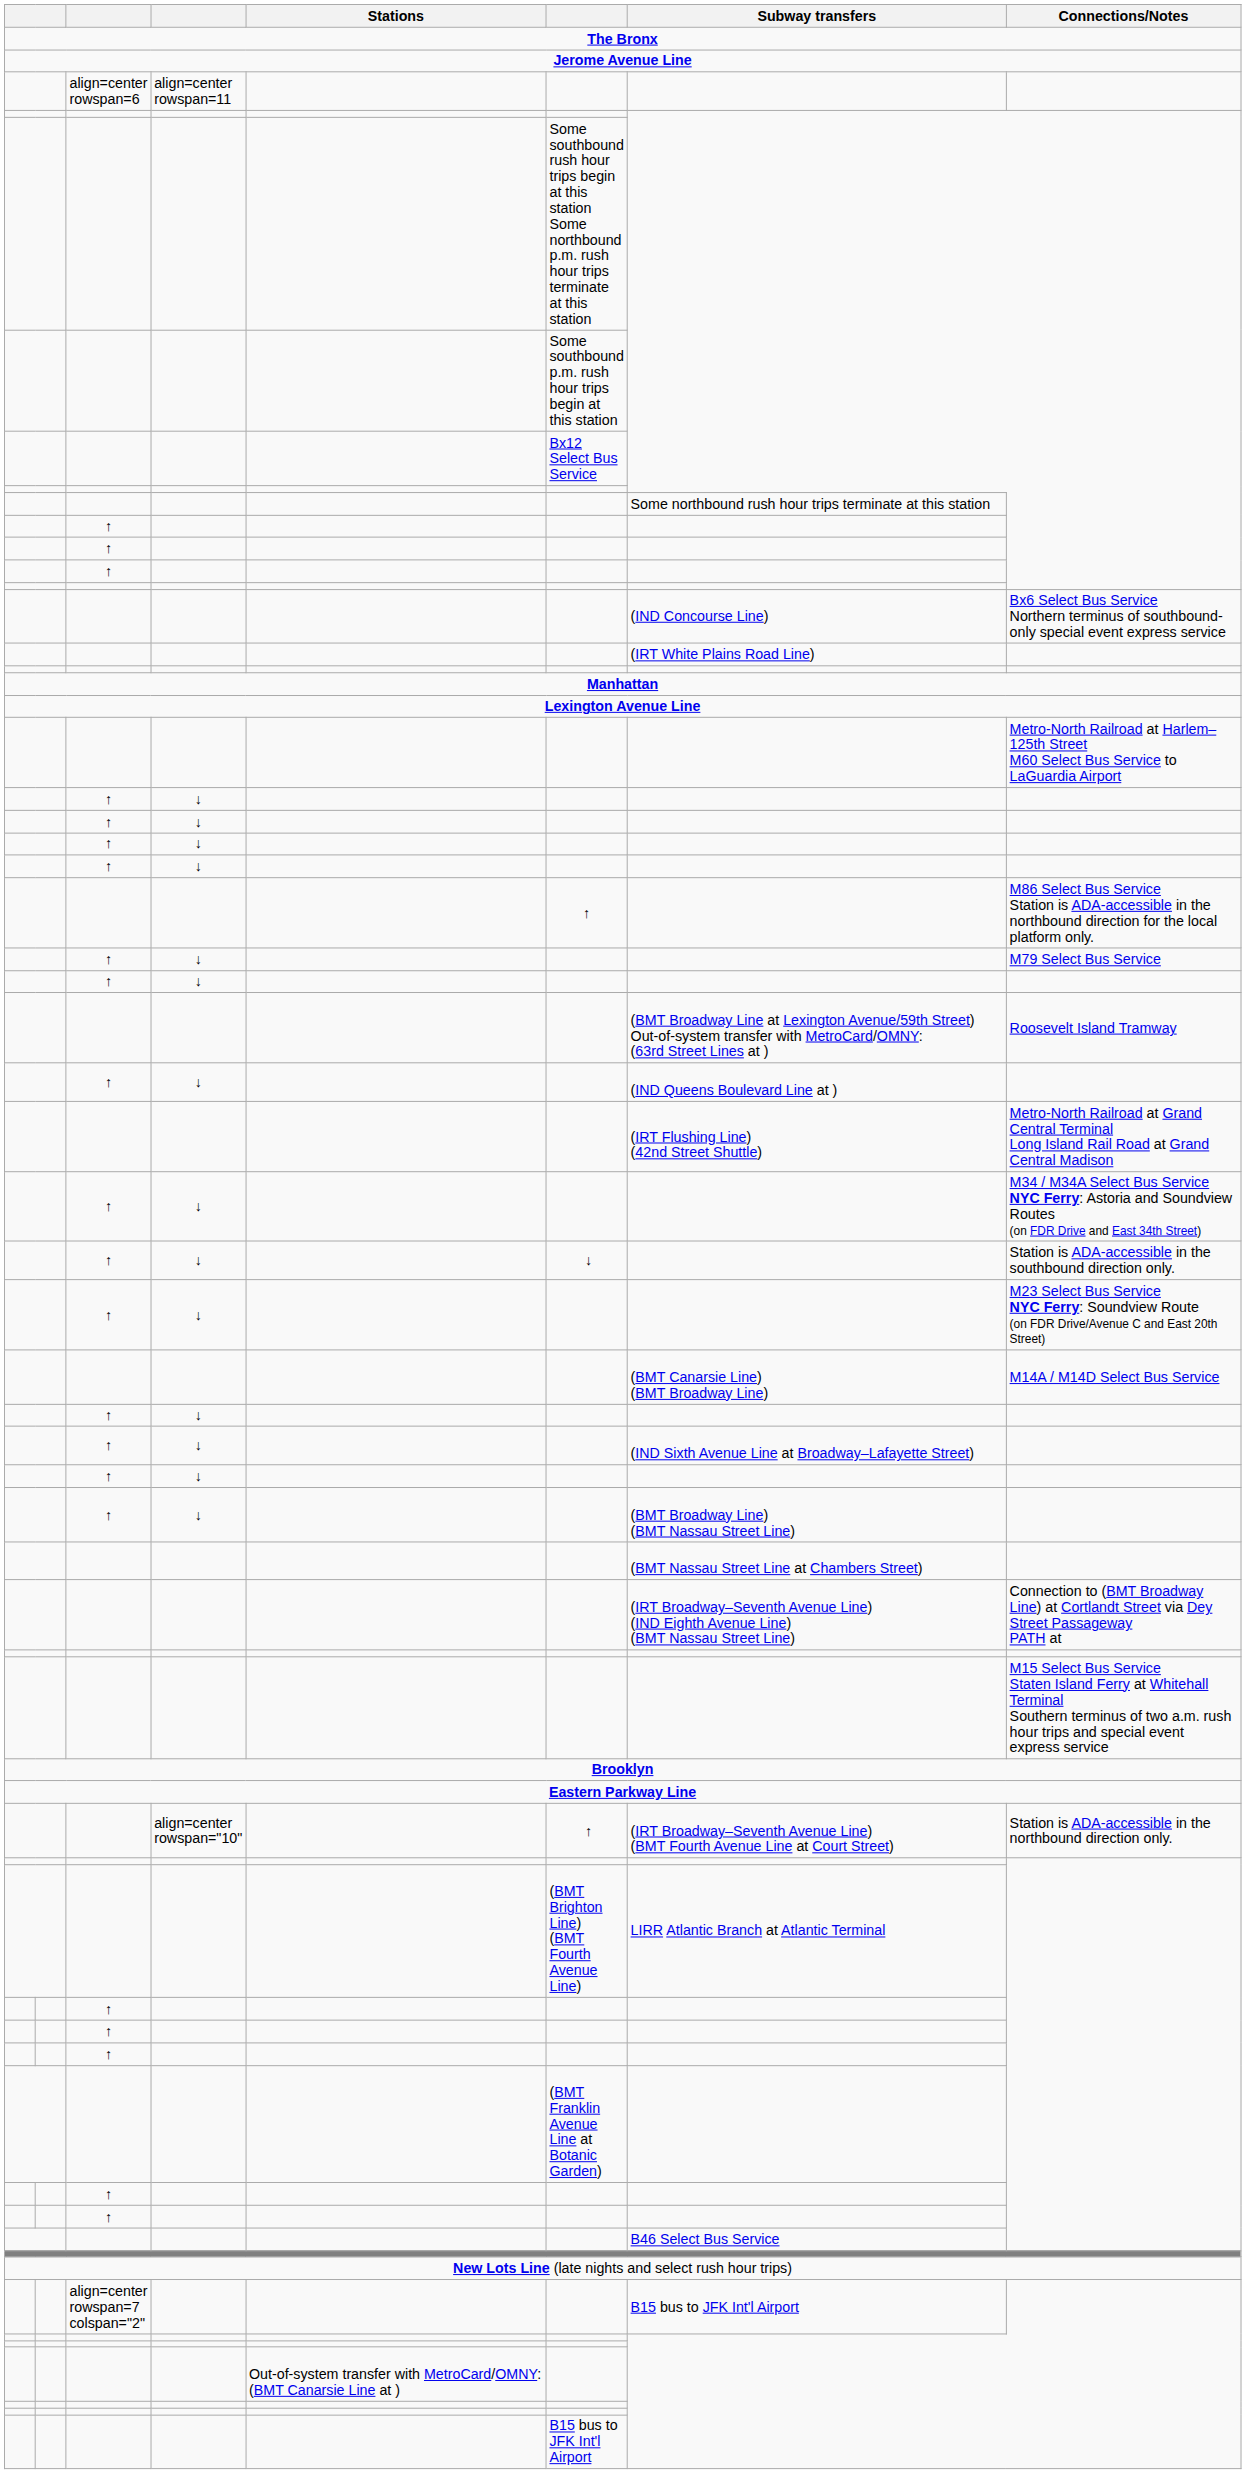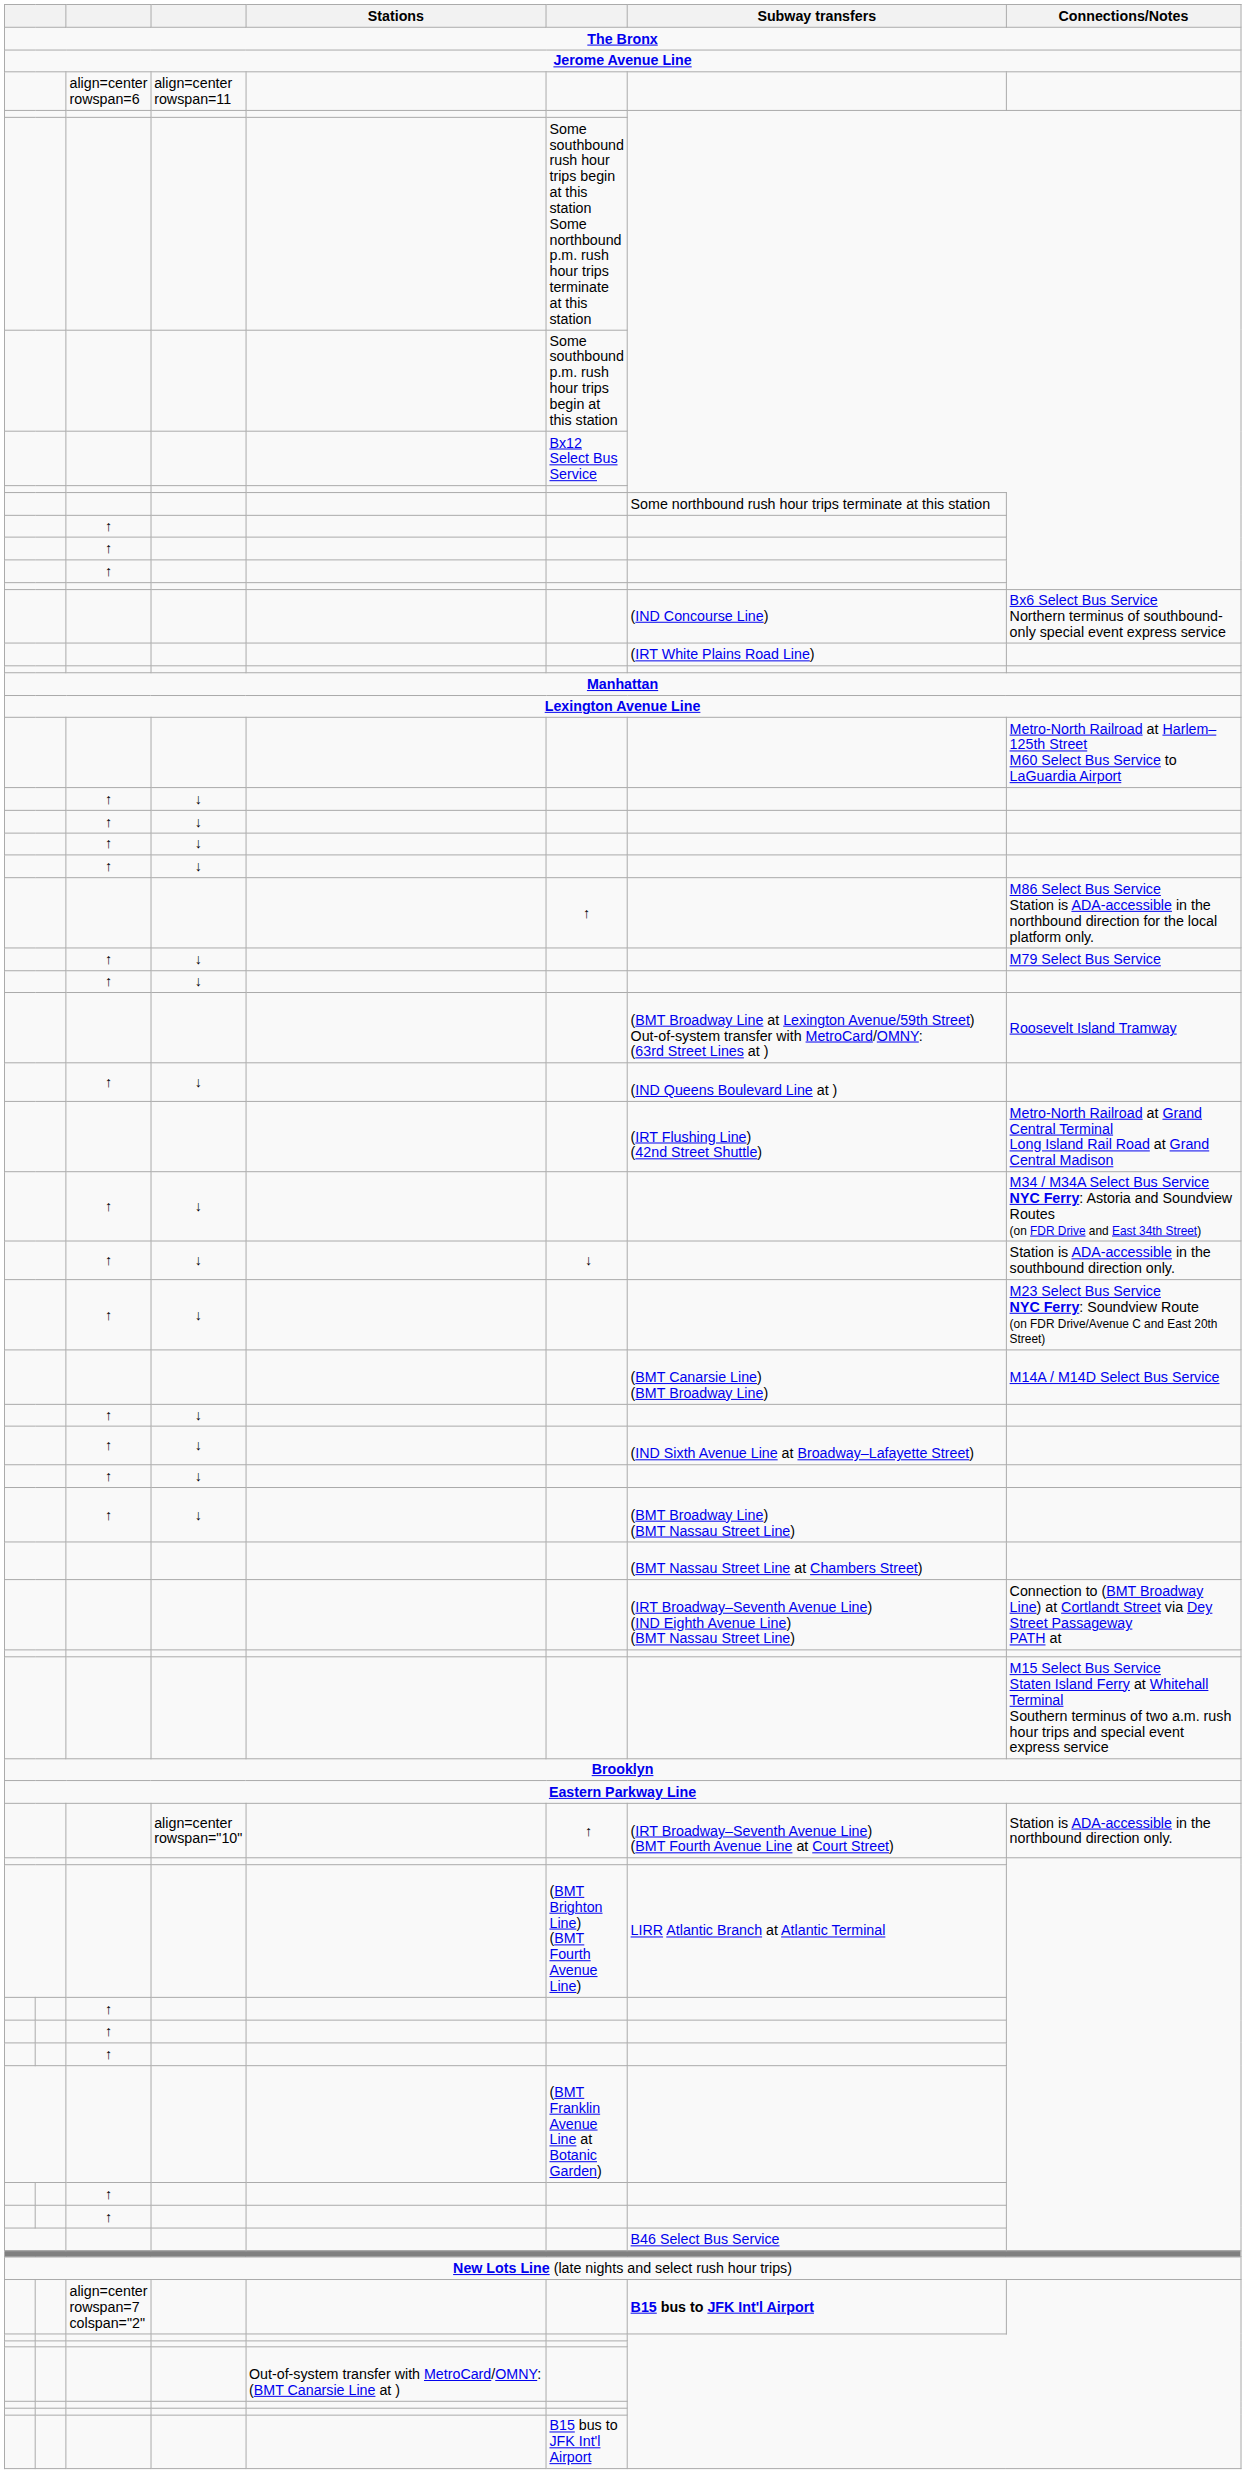 <table class="wikitable collapsible" style="font-size:90%" summary="Service information for the 4 train and its stations, including service times, ADA-accessibility, subway transfers, and non-subway connections.">
 <tr>
 <th width=6% colspan=2><br></th>
 <th width=3%><br></th>
 <th width=3%><br></th>
 <th width=28%>Stations</th>
 <th width=3%></th>
 <th width=36%>Subway transfers</th>
 <th width=27%>Connections/Notes</th>
 </tr>
 <tr>
 <td style="font-weight:bold" colspan="8" align="center"><a href='#'>The Bronx</a></td>
 </tr>
 <tr>
 <td style="font-weight:bold" colspan="8" align="center"><a href='#'>Jerome Avenue Line</a></td>
 </tr>
 <tr>
 <td align=center colspan=2></td>
 <td>align=center rowspan=6 </td>
 <td>align=center rowspan=11 </td>
 <td></td>
 <td></td>
 <td></td>
 <td></td>
 </tr>
 <tr>
 <td align=center colspan=2></td>
 <td></td>
 <td></td>
 <td></td>
 <td></td>
 </tr>
 <tr>
 <td align=center colspan=2></td>
 <td></td>
 <td></td>
 <td></td>
 <td>Some southbound rush hour trips begin at this station<br>Some northbound p.m. rush hour trips terminate at this station</td>
 </tr>
 <tr>
 <td align=center colspan=2></td>
 <td></td>
 <td></td>
 <td></td>
 <td>Some southbound p.m. rush hour trips begin at this station</td>
 </tr>
 <tr>
 <td align=center colspan=2></td>
 <td></td>
 <td align=center></td>
 <td></td>
 <td><a href='#'>Bx12 Select Bus Service</a></td>
 </tr>
 <tr>
 <td align=center colspan=2></td>
 <td></td>
 <td></td>
 <td></td>
 <td></td>
 </tr>
 <tr>
 <td align=center colspan=2></td>
 <td align=center></td>
 <td></td>
 <td></td>
 <td></td>
 <td>Some northbound rush hour trips terminate at this station</td>
 </tr>
 <tr>
 <td align=center colspan=2></td>
 <td align=center>↑</td>
 <td></td>
 <td></td>
 <td></td>
 <td></td>
 </tr>
 <tr>
 <td align=center colspan=2></td>
 <td align=center>↑</td>
 <td></td>
 <td></td>
 <td></td>
 <td></td>
 </tr>
 <tr>
 <td align=center colspan=2></td>
 <td align=center>↑</td>
 <td></td>
 <td align=center></td>
 <td></td>
 <td></td>
 </tr>
 <tr>
 <td align=center colspan=2></td>
 <td align=center></td>
 <td></td>
 <td></td>
 <td></td>
 <td></td>
 </tr>
 <tr>
 <td align=center colspan=2></td>
 <td align=center></td>
 <td align=center></td>
 <td></td>
 <td align=center></td>
 <td> (<a href='#'>IND Concourse Line</a>)</td>
 <td><a href='#'>Bx6 Select Bus Service</a> <br> Northern terminus of southbound-only special event express service</td>
 </tr>
 <tr>
 <td align=center colspan=2></td>
 <td align=center></td>
 <td align=center></td>
 <td></td>
 <td></td>
 <td> (<a href='#'>IRT White Plains Road Line</a>)</td>
 <td></td>
 </tr>
 <tr>
 <td align=center colspan=2></td>
 <td align=center></td>
 <td align=center></td>
 <td></td>
 <td></td>
 <td></td>
 <td></td>
 </tr>
 <tr>
 <td style="font-weight:bold" colspan="8" align="center"><a href='#'>Manhattan</a></td>
 </tr>
 <tr>
 <td style="font-weight:bold" colspan="8" align="center"><a href='#'>Lexington Avenue Line</a></td>
 </tr>
 <tr>
 <td align=center colspan=2></td>
 <td align=center></td>
 <td align=center></td>
 <td></td>
 <td align=center></td>
 <td></td>
 <td><a href='#'>Metro-North Railroad</a> at <a href='#'>Harlem–125th Street</a><br><a href='#'>M60 Select Bus Service</a> to <a href='#'>LaGuardia Airport</a></td>
 </tr>
 <tr>
 <td align=center colspan=2></td>
 <td align=center>↑</td>
 <td align=center>↓</td>
 <td></td>
 <td></td>
 <td></td>
 <td></td>
 </tr>
 <tr>
 <td align=center colspan=2></td>
 <td align=center>↑</td>
 <td align=center>↓</td>
 <td></td>
 <td></td>
 <td></td>
 <td></td>
 </tr>
 <tr>
 <td align=center colspan=2></td>
 <td align=center>↑</td>
 <td align=center>↓</td>
 <td></td>
 <td></td>
 <td></td>
 <td></td>
 </tr>
 <tr>
 <td align=center colspan=2></td>
 <td align=center>↑</td>
 <td align=center>↓</td>
 <td></td>
 <td></td>
 <td></td>
 <td></td>
 </tr>
 <tr>
 <td align=center colspan=2></td>
 <td align=center></td>
 <td align=center></td>
 <td></td>
 <td align=center> ↑</td>
 <td></td>
 <td><a href='#'>M86 Select Bus Service</a><br>Station is <a href='#'>ADA-accessible</a> in the northbound direction for the local platform only.</td>
 </tr>
 <tr>
 <td align=center colspan=2></td>
 <td align=center>↑</td>
 <td align=center>↓</td>
 <td></td>
 <td></td>
 <td></td>
 <td><a href='#'>M79 Select Bus Service</a></td>
 </tr>
 <tr>
 <td align=center colspan=2></td>
 <td align=center>↑</td>
 <td align=center>↓</td>
 <td></td>
 <td align=center></td>
 <td></td>
 <td></td>
 </tr>
 <tr>
 <td align=center colspan=2></td>
 <td align=center></td>
 <td align=center></td>
 <td></td>
 <td></td>
 <td><br> (<a href='#'>BMT Broadway Line</a> at <a href='#'>Lexington Avenue/59th Street</a>)<br>Out-of-system transfer with <a href='#'>MetroCard</a>/<a href='#'>OMNY</a>:<br> (<a href='#'>63rd Street Lines</a> at )</td>
 <td><a href='#'>Roosevelt Island Tramway</a></td>
 </tr>
 <tr>
 <td align=center colspan=2></td>
 <td align=center>↑</td>
 <td align=center>↓</td>
 <td></td>
 <td align=center></td>
 <td><br> (<a href='#'>IND Queens Boulevard Line</a> at )</td>
 <td></td>
 </tr>
 <tr>
 <td align=center colspan=2></td>
 <td align=center></td>
 <td align=center></td>
 <td></td>
 <td align=center></td>
 <td><br> (<a href='#'>IRT Flushing Line</a>)<br> (<a href='#'>42nd Street Shuttle</a>)</td>
 <td><a href='#'>Metro-North Railroad</a> at <a href='#'>Grand Central Terminal</a><br><a href='#'>Long Island Rail Road</a> at <a href='#'>Grand Central Madison</a></td>
 </tr>
 <tr>
 <td align=center colspan=2></td>
 <td align=center>↑</td>
 <td align=center>↓</td>
 <td></td>
 <td></td>
 <td></td>
 <td><a href='#'>M34 / M34A Select Bus Service</a><br> <strong><a href='#'>NYC Ferry</a></strong>: Astoria and Soundview Routes<br><small>(on <a href='#'>FDR Drive</a> and <a href='#'>East 34th Street</a>)</small></td>
 </tr>
 <tr>
 <td align=center colspan=2></td>
 <td align=center>↑</td>
 <td align=center>↓</td>
 <td></td>
 <td align=center> ↓</td>
 <td></td>
 <td>Station is <a href='#'>ADA-accessible</a> in the southbound direction only.</td>
 </tr>
 <tr>
 <td align=center colspan=2></td>
 <td align=center>↑</td>
 <td align=center>↓</td>
 <td></td>
 <td align=center></td>
 <td></td>
 <td><a href='#'>M23 Select Bus Service</a><br> <strong><a href='#'>NYC Ferry</a></strong>: Soundview Route<br><small>(on FDR Drive/Avenue C and East 20th Street)</small></td>
 </tr>
 <tr>
 <td align=center colspan=2></td>
 <td align=center></td>
 <td align=center></td>
 <td></td>
 <td align=center></td>
 <td><br> (<a href='#'>BMT Canarsie Line</a>)<br> (<a href='#'>BMT Broadway Line</a>)</td>
 <td><a href='#'>M14A / M14D Select Bus Service</a></td>
 </tr>
 <tr>
 <td align=center colspan=2></td>
 <td align=center>↑</td>
 <td align=center>↓</td>
 <td></td>
 <td></td>
 <td></td>
 <td></td>
 </tr>
 <tr>
 <td align=center colspan=2></td>
 <td align=center>↑</td>
 <td align=center>↓</td>
 <td></td>
 <td align=center></td>
 <td><br> (<a href='#'>IND Sixth Avenue Line</a> at <a href='#'>Broadway–Lafayette Street</a>)</td>
 <td></td>
 </tr>
 <tr>
 <td align=center colspan=2></td>
 <td align=center>↑</td>
 <td align=center>↓</td>
 <td></td>
 <td></td>
 <td></td>
 <td></td>
 </tr>
 <tr>
 <td align=center colspan=2></td>
 <td align=center>↑</td>
 <td align=center>↓</td>
 <td></td>
 <td align=center></td>
 <td><br> (<a href='#'>BMT Broadway Line</a>)<br> (<a href='#'>BMT Nassau Street Line</a>)</td>
 <td></td>
 </tr>
 <tr>
 <td align=center colspan=2></td>
 <td align=center></td>
 <td align=center></td>
 <td></td>
 <td align=center></td>
 <td><br> (<a href='#'>BMT Nassau Street Line</a> at <a href='#'>Chambers Street</a>)</td>
 <td></td>
 </tr>
 <tr>
 <td align=center colspan=2></td>
 <td align=center></td>
 <td align=center></td>
 <td></td>
 <td align=center></td>
 <td><br> (<a href='#'>IRT Broadway–Seventh Avenue Line</a>)<br> (<a href='#'>IND Eighth Avenue Line</a>)<br> (<a href='#'>BMT Nassau Street Line</a>)</td>
 <td>Connection to  (<a href='#'>BMT Broadway Line</a>) at <a href='#'>Cortlandt Street</a> via <a href='#'>Dey Street Passageway</a><br><a href='#'>PATH</a> at </td>
 </tr>
 <tr>
 <td align=center colspan=2></td>
 <td align=center></td>
 <td align=center></td>
 <td></td>
 <td></td>
 <td></td>
 <td></td>
 </tr>
 <tr>
 <td align=center colspan=2></td>
 <td align=center></td>
 <td align=center></td>
 <td></td>
 <td align=center></td>
 <td></td>
 <td><a href='#'>M15 Select Bus Service</a><br><a href='#'>Staten Island Ferry</a> at <a href='#'>Whitehall Terminal</a><br>Southern terminus of two a.m. rush hour trips and special event express service</td>
 </tr>
 <tr>
 <td style="font-weight:bold" colspan="8" align="center"><a href='#'>Brooklyn</a></td>
 </tr>
 <tr>
 <td style="font-weight:bold" colspan="8" align="center"><a href='#'>Eastern Parkway Line</a></td>
 </tr>
 <tr>
 <td align=center colspan=2></td>
 <td align=center></td>
 <td>align=center rowspan="10" </td>
 <td></td>
 <td align=center> ↑</td>
 <td><br> (<a href='#'>IRT Broadway–Seventh Avenue Line</a>)<br> (<a href='#'>BMT Fourth Avenue Line</a> at <a href='#'>Court Street</a>)</td>
 <td>Station is <a href='#'>ADA-accessible</a> in the northbound direction only.</td>
 </tr>
 <tr>
 <td align=center colspan=2></td>
 <td align=center></td>
 <td></td>
 <td></td>
 <td></td>
 <td></td>
 </tr>
 <tr>
 <td align=center colspan=2></td>
 <td align=center></td>
 <td></td>
 <td align=center></td>
 <td><br> (<a href='#'>BMT Brighton Line</a>)<br> (<a href='#'>BMT Fourth Avenue Line</a>)</td>
 <td><a href='#'>LIRR</a> <a href='#'>Atlantic Branch</a> at <a href='#'>Atlantic Terminal</a></td>
 </tr>
 <tr>
 <td align=center></td>
 <td align=center></td>
 <td align="center">↑</td>
 <td></td>
 <td></td>
 <td></td>
 <td></td>
 </tr>
 <tr>
 <td align=center></td>
 <td align=center></td>
 <td align="center">↑</td>
 <td></td>
 <td></td>
 <td></td>
 <td></td>
 </tr>
 <tr>
 <td align=center></td>
 <td align=center></td>
 <td align="center">↑</td>
 <td></td>
 <td align=center></td>
 <td></td>
 <td></td>
 </tr>
 <tr>
 <td align=center colspan=2></td>
 <td align=center></td>
 <td></td>
 <td></td>
 <td><br> (<a href='#'>BMT Franklin Avenue Line</a> at <a href='#'>Botanic Garden</a>)</td>
 <td></td>
 </tr>
 <tr>
 <td align=center></td>
 <td align=center></td>
 <td align="center">↑</td>
 <td></td>
 <td></td>
 <td></td>
 <td></td>
 </tr>
 <tr>
 <td align=center></td>
 <td align=center></td>
 <td align="center">↑</td>
 <td></td>
 <td></td>
 <td></td>
 <td></td>
 </tr>
 <tr>
 <td align=center colspan=2></td>
 <td align=center></td>
 <td></td>
 <td align=center></td>
 <td></td>
 <td><a href='#'>B46 Select Bus Service</a></td>
 </tr>
 <tr>
 <td colspan="8" bgcolor="#808080"></td>
 </tr>
 <tr>
 <td colspan="8" align="center"><strong><a href='#'>New Lots Line</a></strong> (late nights and select rush hour trips)</td>
 </tr>
 <tr>
 <td align=center></td>
 <td align=center></td>
 <td>align=center rowspan=7 colspan="2" </td>
 <td></td>
 <td></td>
 <td></td>
-<td><a href='#'>B15</a> bus to <a href='#'>JFK Int'l Airport</a></td>
+<td><strong><a href='#'>B15</a> bus to <a href='#'>JFK Int'l Airport</a></strong></td>
 </tr>
 <tr>
 <td align=center></td>
 <td align=center></td>
 <td></td>
 <td></td>
 <td></td>
 <td></td>
 </tr>
 <tr>
 <td align=center></td>
 <td align=center></td>
 <td></td>
 <td></td>
 <td></td>
 <td></td>
 </tr>
 <tr>
 <td align=center></td>
 <td align=center></td>
 <td></td>
 <td></td>
 <td><br>Out-of-system transfer with <a href='#'>MetroCard</a>/<a href='#'>OMNY</a>:<br> (<a href='#'>BMT Canarsie Line</a> at )</td>
 <td></td>
 </tr>
 <tr>
 <td align=center></td>
 <td align=center></td>
 <td></td>
 <td></td>
 <td></td>
 <td></td>
 </tr>
 <tr>
 <td align=center></td>
 <td align=center></td>
 <td></td>
 <td></td>
 <td></td>
 <td></td>
 </tr>
 <tr>
 <td align=center></td>
 <td align=center></td>
 <td></td>
 <td></td>
 <td></td>
 <td><a href='#'>B15</a> bus to <a href='#'>JFK Int'l Airport</a></td>
 </tr>
 </table>
